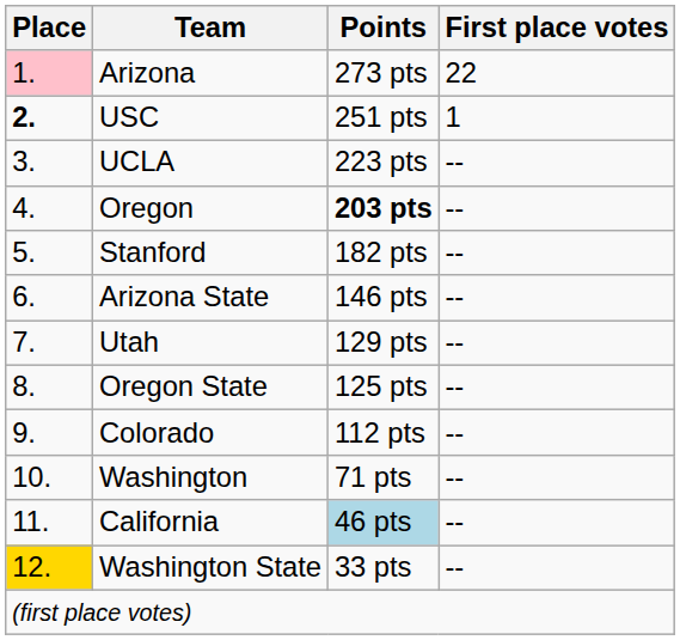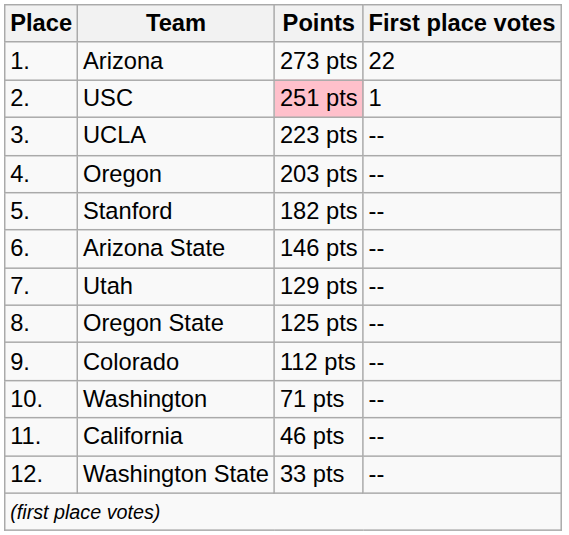 <table class="wikitable">
 <tr>
 <th>Place</th>
 <th>Team</th>
 <th>Points</th>
 <th>First place votes</th>
 </tr>
 <tr>
-<td style="background: pink;">1.</td>
+<td>1.</td>
 <td>Arizona</td>
 <td>273 pts</td>
 <td>22</td>
 </tr>
 <tr>
-<td><strong>2.</strong></td>
+<td>2.</td>
 <td>USC</td>
-<td>251 pts</td>
+<td style="background: pink;">251 pts</td>
 <td>1</td>
 </tr>
 <tr>
 <td>3.</td>
 <td>UCLA</td>
 <td>223 pts</td>
 <td>--</td>
 </tr>
 <tr>
 <td>4.</td>
 <td>Oregon</td>
-<td><strong>203 pts</strong></td>
+<td>203 pts</td>
 <td>--</td>
 </tr>
 <tr>
 <td>5.</td>
 <td>Stanford</td>
 <td>182 pts</td>
 <td>--</td>
 </tr>
 <tr>
 <td>6.</td>
 <td>Arizona State</td>
 <td>146 pts</td>
 <td>--</td>
 </tr>
 <tr>
 <td>7.</td>
 <td>Utah</td>
 <td>129 pts</td>
 <td>--</td>
 </tr>
 <tr>
 <td>8.</td>
 <td>Oregon State</td>
 <td>125 pts</td>
 <td>--</td>
 </tr>
 <tr>
 <td>9.</td>
 <td>Colorado</td>
 <td>112 pts</td>
 <td>--</td>
 </tr>
 <tr>
 <td>10.</td>
 <td>Washington</td>
 <td>71 pts</td>
 <td>--</td>
 </tr>
 <tr>
 <td>11.</td>
 <td>California</td>
-<td style="background: lightblue;">46 pts</td>
+<td>46 pts</td>
 <td>--</td>
 </tr>
 <tr>
-<td style="background: gold;">12.</td>
+<td>12.</td>
 <td>Washington State</td>
 <td>33 pts</td>
 <td>--</td>
 </tr>
 <tr>
 <td colspan="4" valign="middle"><small><em>(first place votes)</em></small></td>
 </tr>
 </table>
